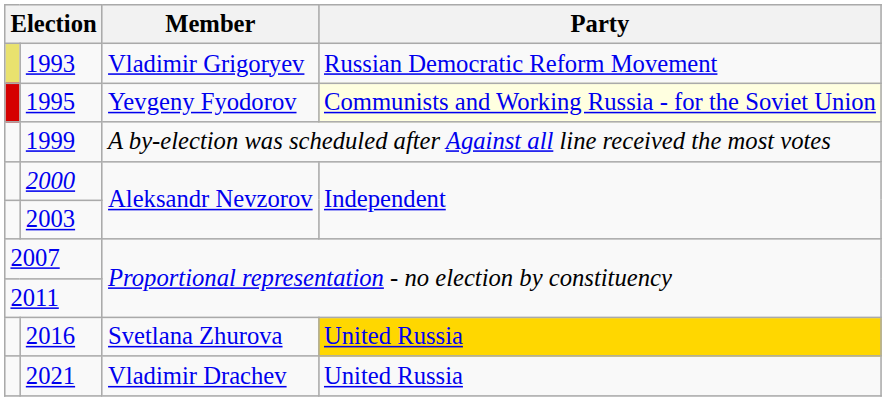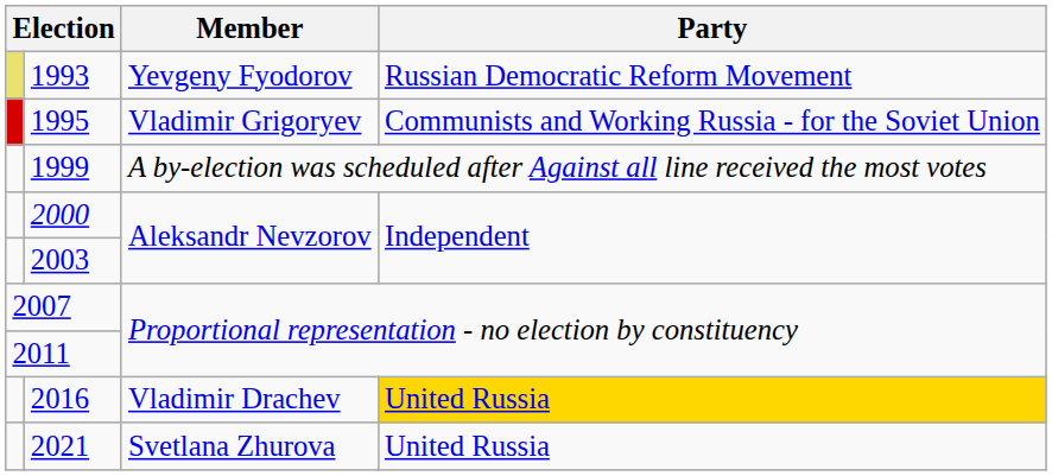 <table class="wikitable">
 <tr>
 <th colspan="2">Election</th>
 <th>Member</th>
 <th>Party</th>
 </tr>
 <tr>
 <td style="background-color:#E9E26E"></td>
 <td><a href='#'>1993</a></td>
-<td><a href='#'>Vladimir Grigoryev</a></td>
+<td><a href='#'>Yevgeny Fyodorov</a></td>
 <td><a href='#'>Russian Democratic Reform Movement</a></td>
 </tr>
 <tr>
 <td style="background-color:#D50000"></td>
 <td><a href='#'>1995</a></td>
-<td><a href='#'>Yevgeny Fyodorov</a></td>
-<td style="background: lightyellow;"><a href='#'>Communists and Working Russia - for the Soviet Union</a></td>
+<td><a href='#'>Vladimir Grigoryev</a></td>
+<td><a href='#'>Communists and Working Russia - for the Soviet Union</a></td>
 </tr>
 <tr>
 <td style="background-color:"></td>
 <td><a href='#'>1999</a></td>
 <td colspan=2><em>A by-election was scheduled after <a href='#'>Against all</a> line received the most votes</em></td>
 </tr>
 <tr>
 <td style="background-color:"></td>
 <td><em><a href='#'>2000</a></em></td>
 <td rowspan=2><a href='#'>Aleksandr Nevzorov</a></td>
 <td rowspan=2><a href='#'>Independent</a></td>
 </tr>
 <tr>
 <td style="background-color:"></td>
 <td><a href='#'>2003</a></td>
 </tr>
 <tr>
 <td colspan=2><a href='#'>2007</a></td>
 <td colspan=2 rowspan=2><em><a href='#'>Proportional representation</a> - no election by constituency</em></td>
 </tr>
 <tr>
 <td colspan=2><a href='#'>2011</a></td>
 </tr>
 <tr>
 <td style="background-color: "></td>
 <td><a href='#'>2016</a></td>
-<td><a href='#'>Svetlana Zhurova</a></td>
+<td><a href='#'>Vladimir Drachev</a></td>
 <td style="background: gold;"><a href='#'>United Russia</a></td>
 </tr>
 <tr>
 <td style="background-color: "></td>
 <td><a href='#'>2021</a></td>
-<td><a href='#'>Vladimir Drachev</a></td>
+<td><a href='#'>Svetlana Zhurova</a></td>
 <td><a href='#'>United Russia</a></td>
 </tr>
 </table>
